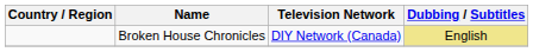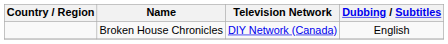 <table class="wikitable" style="text-align:center;">
 <tr>
 <th>Country / Region</th>
 <th>Name</th>
 <th>Television Network</th>
 <th><a href='#'>Dubbing</a> / <a href='#'>Subtitles</a></th>
 </tr>
 <tr>
 <td align="left"></td>
 <td>Broken House Chronicles</td>
 <td><a href='#'>DIY Network (Canada)</a></td>
-<td style="background: khaki;">English</td>
+<td>English</td>
 </tr>
 <tr>
 </tr>
 </table>
